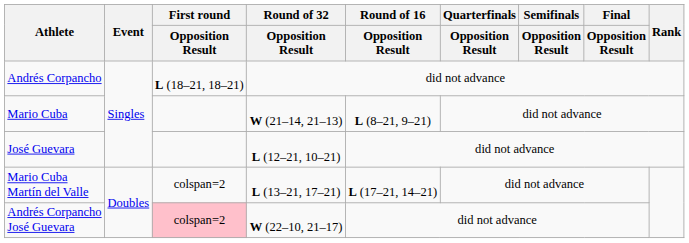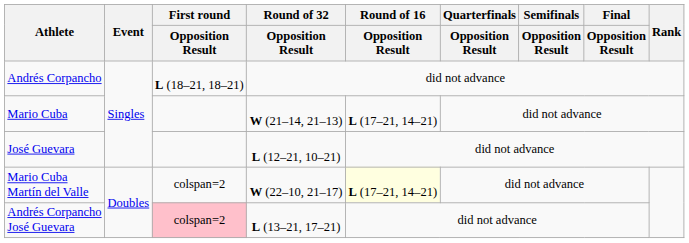 <table class="wikitable" style="font-size:90%">
 <tr>
 <th rowspan="2">Athlete</th>
 <th rowspan="2">Event</th>
 <th>First round</th>
 <th>Round of 32</th>
 <th>Round of 16</th>
 <th>Quarterfinals</th>
 <th>Semifinals</th>
 <th>Final</th>
 <th rowspan="2">Rank</th>
 </tr>
 <tr>
 <th>Opposition<br>Result</th>
 <th>Opposition<br>Result</th>
 <th>Opposition<br>Result</th>
 <th>Opposition<br>Result</th>
 <th>Opposition<br>Result</th>
 <th>Opposition<br>Result</th>
 </tr>
 <tr align=center>
 <td align=left><a href='#'>Andrés Corpancho</a></td>
 <td align=left rowspan=3><a href='#'>Singles</a></td>
 <td><br><strong>L</strong> (18–21, 18–21)</td>
 <td colspan=6>did not advance</td>
 </tr>
 <tr align=center>
 <td align=left><a href='#'>Mario Cuba</a></td>
 <td></td>
 <td><br><strong>W</strong> (21–14, 21–13)</td>
-<td><br><strong>L</strong> (8–21, 9–21)</td>
+<td><br><strong>L</strong> (17–21, 14–21)</td>
 <td colspan=4>did not advance</td>
 </tr>
 <tr align=center>
 <td align=left><a href='#'>José Guevara</a></td>
 <td></td>
 <td><br><strong>L</strong> (12–21, 10–21)</td>
 <td colspan=5>did not advance</td>
 </tr>
 <tr align=center>
 <td align=left><a href='#'>Mario Cuba</a><br><a href='#'>Martín del Valle</a></td>
 <td align=left rowspan=2><a href='#'>Doubles</a></td>
 <td>colspan=2 </td>
-<td><br><strong>L</strong> (13–21, 17–21)</td>
-<td><br><strong>L</strong> (17–21, 14–21)</td>
+<td><br><strong>W</strong> (22–10, 21–17)</td>
+<td style="background: lightyellow;"><br><strong>L</strong> (17–21, 14–21)</td>
 <td colspan=3>did not advance</td>
 </tr>
 <tr align=center>
 <td align=left><a href='#'>Andrés Corpancho</a><br><a href='#'>José Guevara</a></td>
 <td style="background: pink;">colspan=2 </td>
-<td><br><strong>W</strong> (22–10, 21–17)</td>
+<td><br><strong>L</strong> (13–21, 17–21)</td>
 <td colspan=4>did not advance</td>
 </tr>
 </table>
